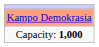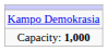 <table class="wikitable" style="text-align:center">
 <tr style="background-color:#CCCCFF">
 <td></td>
 </tr>
 <tr>
-<td style="background: lightsalmon;"><a href='#'>Kampo Demokrasia</a></td>
+<td><a href='#'>Kampo Demokrasia</a></td>
 </tr>
 <tr>
 <td>Capacity: <strong>1,000</strong></td>
 </tr>
 </table>
